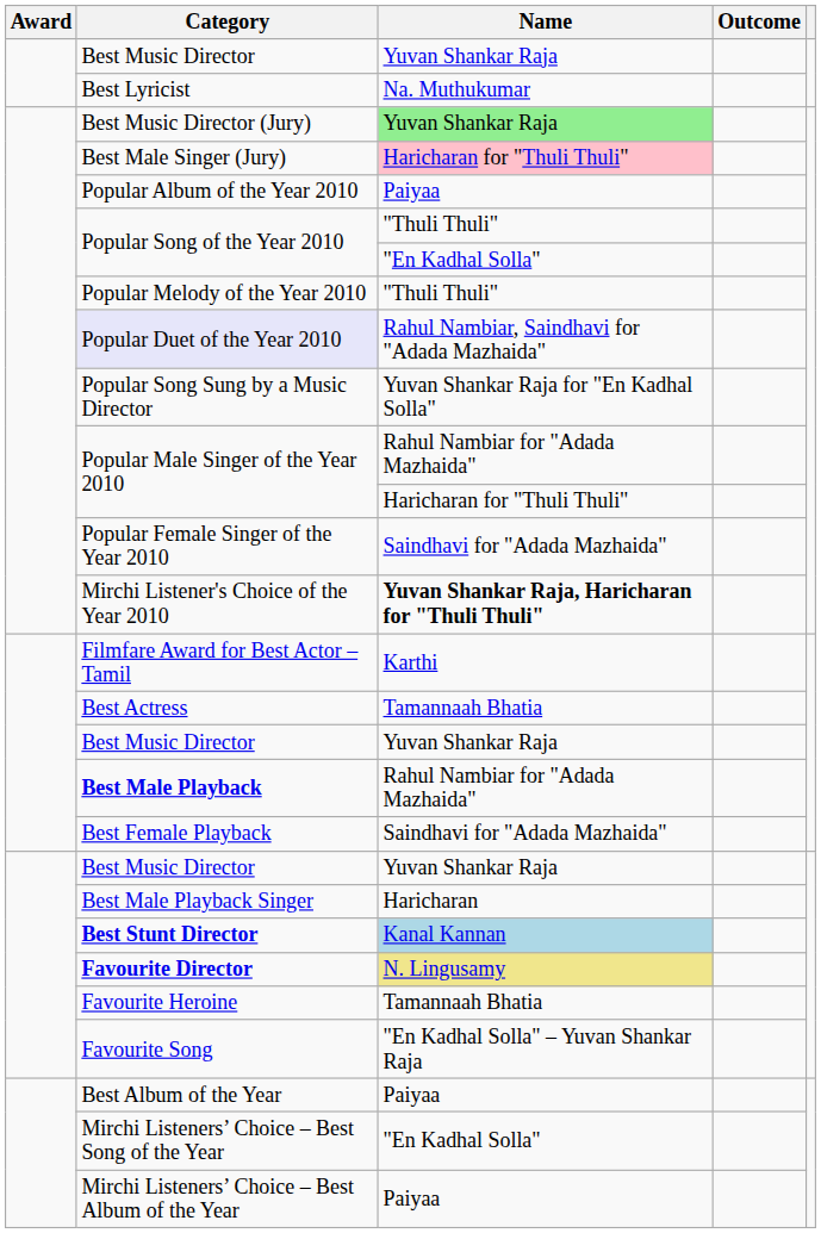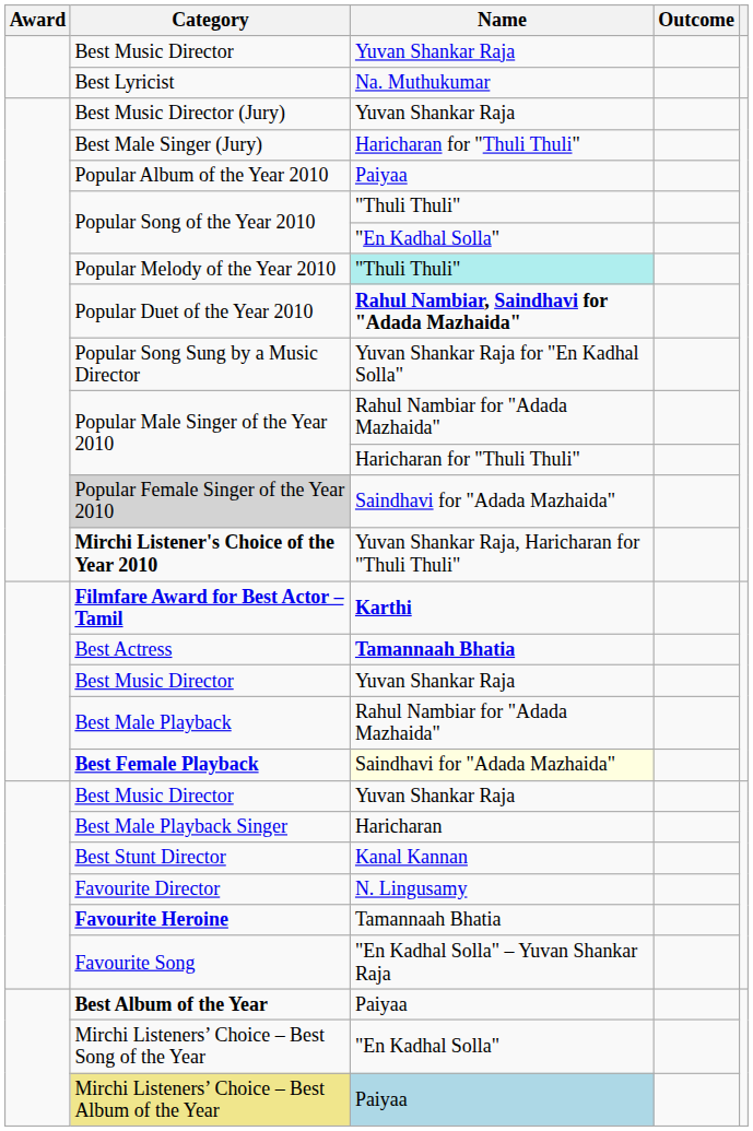 <table class="wikitable">
 <tr>
 <th>Award</th>
 <th>Category</th>
 <th>Name</th>
 <th>Outcome</th>
 <th class="unsortable"></th>
 </tr>
 <tr>
 <td rowspan="2"></td>
 <td>Best Music Director</td>
 <td><a href='#'>Yuvan Shankar Raja</a></td>
 <td></td>
 <td rowspan="2" style="text-align:center;"></td>
 </tr>
 <tr>
 <td>Best Lyricist</td>
 <td><a href='#'>Na. Muthukumar</a></td>
 <td></td>
 </tr>
 <tr>
 <td rowspan="12"></td>
 <td>Best Music Director (Jury)</td>
-<td style="background: lightgreen;">Yuvan Shankar Raja</td>
+<td>Yuvan Shankar Raja</td>
 <td></td>
 <td rowspan="12" style="text-align:center;"></td>
 </tr>
 <tr>
 <td>Best Male Singer (Jury)</td>
-<td style="background: pink;"><a href='#'>Haricharan</a> for "<a href='#'>Thuli Thuli</a>"</td>
+<td><a href='#'>Haricharan</a> for "<a href='#'>Thuli Thuli</a>"</td>
 <td></td>
 </tr>
 <tr>
 <td>Popular Album of the Year 2010</td>
 <td><a href='#'>Paiyaa</a></td>
 <td></td>
 </tr>
 <tr>
 <td rowspan="2">Popular Song of the Year 2010</td>
 <td>"Thuli Thuli"</td>
 <td></td>
 </tr>
 <tr>
 <td>"<a href='#'>En Kadhal Solla</a>"</td>
 <td></td>
 </tr>
 <tr>
 <td>Popular Melody of the Year 2010</td>
-<td>"Thuli Thuli"</td>
+<td style="background: paleturquoise;">"Thuli Thuli"</td>
 <td></td>
 </tr>
 <tr>
-<td style="background: lavender;">Popular Duet of the Year 2010</td>
-<td><a href='#'>Rahul Nambiar</a>, <a href='#'>Saindhavi</a> for "Adada Mazhaida"</td>
+<td>Popular Duet of the Year 2010</td>
+<td><strong><a href='#'>Rahul Nambiar</a>, <a href='#'>Saindhavi</a> for "Adada Mazhaida"</strong></td>
 <td></td>
 </tr>
 <tr>
 <td>Popular Song Sung by a Music Director</td>
 <td>Yuvan Shankar Raja for "En Kadhal Solla"</td>
 <td></td>
 </tr>
 <tr>
 <td rowspan="2">Popular Male Singer of the Year 2010</td>
 <td>Rahul Nambiar for "Adada Mazhaida"</td>
 <td></td>
 </tr>
 <tr>
 <td>Haricharan for "Thuli Thuli"</td>
 <td></td>
 </tr>
 <tr>
-<td>Popular Female Singer of the Year 2010</td>
+<td style="background: lightgrey;">Popular Female Singer of the Year 2010</td>
 <td><a href='#'>Saindhavi</a> for "Adada Mazhaida"</td>
 <td></td>
 </tr>
 <tr>
-<td>Mirchi Listener's Choice of the Year 2010</td>
-<td><strong>Yuvan Shankar Raja, Haricharan for "Thuli Thuli"</strong></td>
+<td><strong>Mirchi Listener's Choice of the Year 2010</strong></td>
+<td>Yuvan Shankar Raja, Haricharan for "Thuli Thuli"</td>
 <td></td>
 </tr>
 <tr>
 <td rowspan="5"></td>
-<td><a href='#'>Filmfare Award for Best Actor – Tamil</a></td>
-<td><a href='#'>Karthi</a></td>
+<td><strong><a href='#'>Filmfare Award for Best Actor – Tamil</a></strong></td>
+<td><strong><a href='#'>Karthi</a></strong></td>
 <td></td>
 <td rowspan="5" style="text-align:center;"></td>
 </tr>
 <tr>
 <td><a href='#'>Best Actress</a></td>
-<td><a href='#'>Tamannaah Bhatia</a></td>
+<td><strong><a href='#'>Tamannaah Bhatia</a></strong></td>
 <td></td>
 </tr>
 <tr>
 <td><a href='#'>Best Music Director</a></td>
 <td>Yuvan Shankar Raja</td>
 <td></td>
 </tr>
 <tr>
-<td><strong><a href='#'>Best Male Playback</a></strong></td>
+<td><a href='#'>Best Male Playback</a></td>
 <td>Rahul Nambiar for "Adada Mazhaida"</td>
 <td></td>
 </tr>
 <tr>
-<td><a href='#'>Best Female Playback</a></td>
-<td>Saindhavi for "Adada Mazhaida"</td>
+<td><strong><a href='#'>Best Female Playback</a></strong></td>
+<td style="background: lightyellow;">Saindhavi for "Adada Mazhaida"</td>
 <td></td>
 </tr>
 <tr>
 <td rowspan="6"></td>
 <td><a href='#'>Best Music Director</a></td>
 <td>Yuvan Shankar Raja</td>
 <td></td>
 <td rowspan="6" style="text-align:center;"></td>
 </tr>
 <tr>
 <td><a href='#'>Best Male Playback Singer</a></td>
 <td>Haricharan</td>
 <td></td>
 </tr>
 <tr>
-<td><strong><a href='#'>Best Stunt Director</a></strong></td>
-<td style="background: lightblue;"><a href='#'>Kanal Kannan</a></td>
+<td><a href='#'>Best Stunt Director</a></td>
+<td><a href='#'>Kanal Kannan</a></td>
 <td></td>
 </tr>
 <tr>
-<td><strong><a href='#'>Favourite Director</a></strong></td>
-<td style="background: khaki;"><a href='#'>N. Lingusamy</a></td>
+<td><a href='#'>Favourite Director</a></td>
+<td><a href='#'>N. Lingusamy</a></td>
 <td></td>
 </tr>
 <tr>
-<td><a href='#'>Favourite Heroine</a></td>
+<td><strong><a href='#'>Favourite Heroine</a></strong></td>
 <td>Tamannaah Bhatia</td>
 <td></td>
 </tr>
 <tr>
 <td><a href='#'>Favourite Song</a></td>
 <td>"En Kadhal Solla" – Yuvan Shankar Raja</td>
 <td></td>
 </tr>
 <tr>
 <td rowspan="3"></td>
-<td>Best Album of the Year</td>
+<td><strong>Best Album of the Year</strong></td>
 <td>Paiyaa</td>
 <td></td>
 <td rowspan="3" style="text-align:center;"></td>
 </tr>
 <tr>
 <td>Mirchi Listeners’ Choice – Best Song of the Year</td>
 <td>"En Kadhal Solla"</td>
 <td></td>
 </tr>
 <tr>
-<td>Mirchi Listeners’ Choice – Best Album of the Year</td>
-<td>Paiyaa</td>
+<td style="background: khaki;">Mirchi Listeners’ Choice – Best Album of the Year</td>
+<td style="background: lightblue;">Paiyaa</td>
 <td></td>
 </tr>
 </table>
